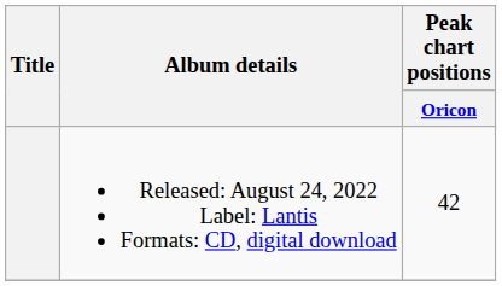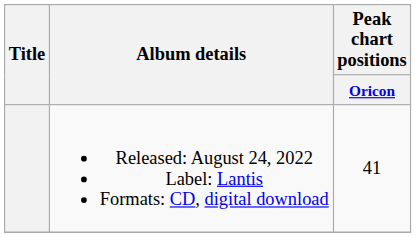 <table class="wikitable plainrowheaders" style="text-align:center;">
 <tr>
 <th scope="col" rowspan="2">Title</th>
 <th scope="col" rowspan="2">Album details</th>
 <th scope="col" colspan="1">Peak <br> chart <br> positions</th>
 </tr>
 <tr>
 <th scope="col" colspan="1"><small><a href='#'>Oricon</a></small></th>
 </tr>
 <tr>
 <th scope="row"></th>
 <td><br><ul><li>Released: August 24, 2022</li><li>Label: <a href='#'>Lantis</a></li><li>Formats: <a href='#'>CD</a>, <a href='#'>digital download</a></li></ul></td>
-<td>42</td>
+<td>41</td>
 </tr>
 <tr>
 </tr>
 </table>
